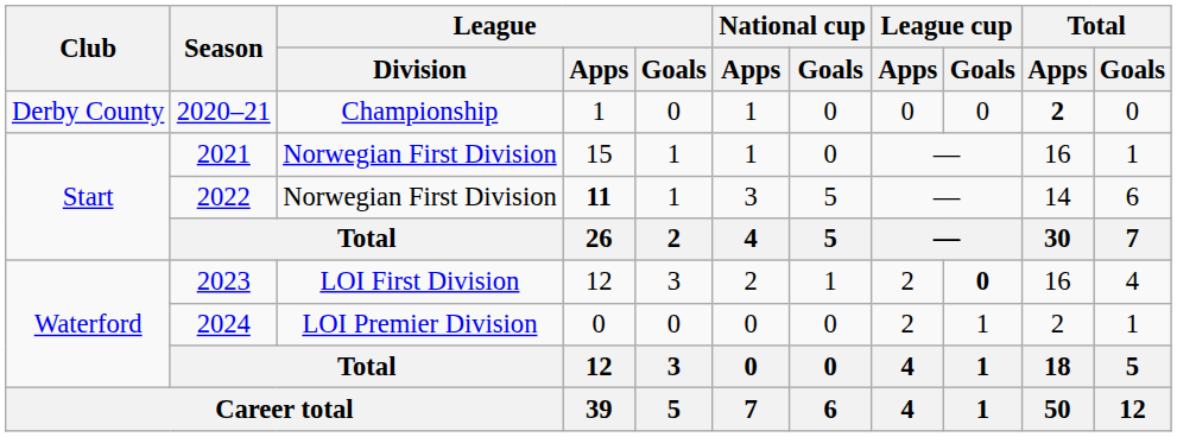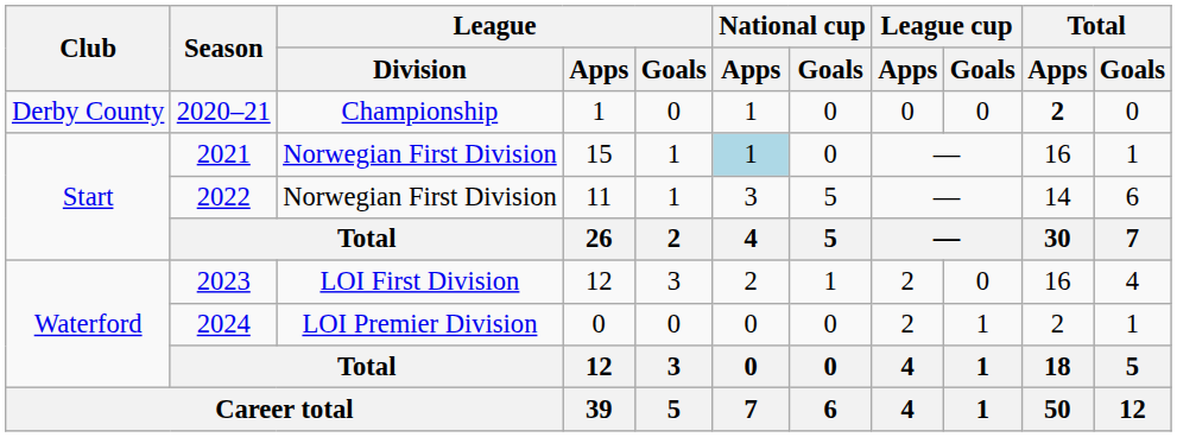 <table class="wikitable" style="text-align:center">
 <tr>
 <th rowspan="2">Club</th>
 <th rowspan="2">Season</th>
 <th colspan="3">League</th>
 <th colspan="2">National cup</th>
 <th colspan="2">League cup</th>
 <th colspan="2">Total</th>
 </tr>
 <tr>
 <th>Division</th>
 <th>Apps</th>
 <th>Goals</th>
 <th>Apps</th>
 <th>Goals</th>
 <th>Apps</th>
 <th>Goals</th>
 <th>Apps</th>
 <th>Goals</th>
 </tr>
 <tr>
 <td><a href='#'>Derby County</a></td>
 <td><a href='#'>2020–21</a></td>
 <td><a href='#'>Championship</a></td>
 <td>1</td>
 <td>0</td>
 <td>1</td>
 <td>0</td>
 <td>0</td>
 <td>0</td>
 <td><strong>2</strong></td>
 <td>0</td>
 </tr>
 <tr>
 <td rowspan="3"><a href='#'>Start</a></td>
 <td><a href='#'>2021</a></td>
 <td><a href='#'>Norwegian First Division</a></td>
 <td>15</td>
 <td>1</td>
-<td>1</td>
+<td style="background: lightblue;">1</td>
 <td>0</td>
 <td colspan="2">—</td>
 <td>16</td>
 <td>1</td>
 </tr>
 <tr>
 <td><a href='#'>2022</a></td>
 <td>Norwegian First Division</td>
-<td><strong>11</strong></td>
+<td>11</td>
 <td>1</td>
 <td>3</td>
 <td>5</td>
 <td colspan="2">—</td>
 <td>14</td>
 <td>6</td>
 </tr>
 <tr>
 <th colspan="2">Total</th>
 <th>26</th>
 <th>2</th>
 <th>4</th>
 <th>5</th>
 <th colspan="2">—</th>
 <th>30</th>
 <th>7</th>
 </tr>
 <tr>
 <td rowspan="3"><a href='#'>Waterford</a></td>
 <td><a href='#'>2023</a></td>
 <td><a href='#'>LOI First Division</a></td>
 <td>12</td>
 <td>3</td>
 <td>2</td>
 <td>1</td>
 <td>2</td>
-<td><strong>0</strong></td>
+<td>0</td>
 <td>16</td>
 <td>4</td>
 </tr>
 <tr>
 <td><a href='#'>2024</a></td>
 <td><a href='#'>LOI Premier Division</a></td>
 <td>0</td>
 <td>0</td>
 <td>0</td>
 <td>0</td>
 <td>2</td>
 <td>1</td>
 <td>2</td>
 <td>1</td>
 </tr>
 <tr>
 <th colspan="2">Total</th>
 <th>12</th>
 <th>3</th>
 <th>0</th>
 <th>0</th>
 <th>4</th>
 <th>1</th>
 <th>18</th>
 <th>5</th>
 </tr>
 <tr>
 <th colspan="3">Career total</th>
 <th>39</th>
 <th>5</th>
 <th>7</th>
 <th>6</th>
 <th>4</th>
 <th>1</th>
 <th>50</th>
 <th>12</th>
 </tr>
 </table>
